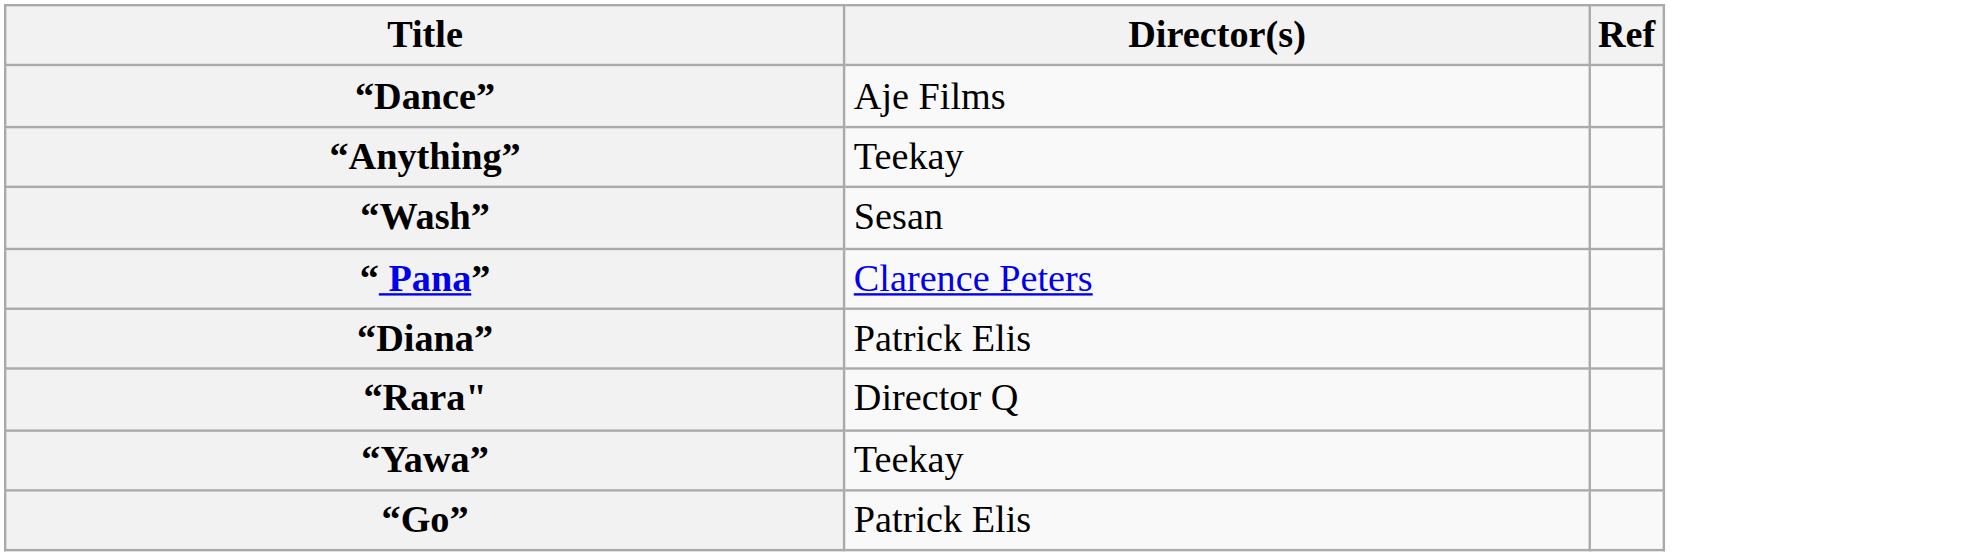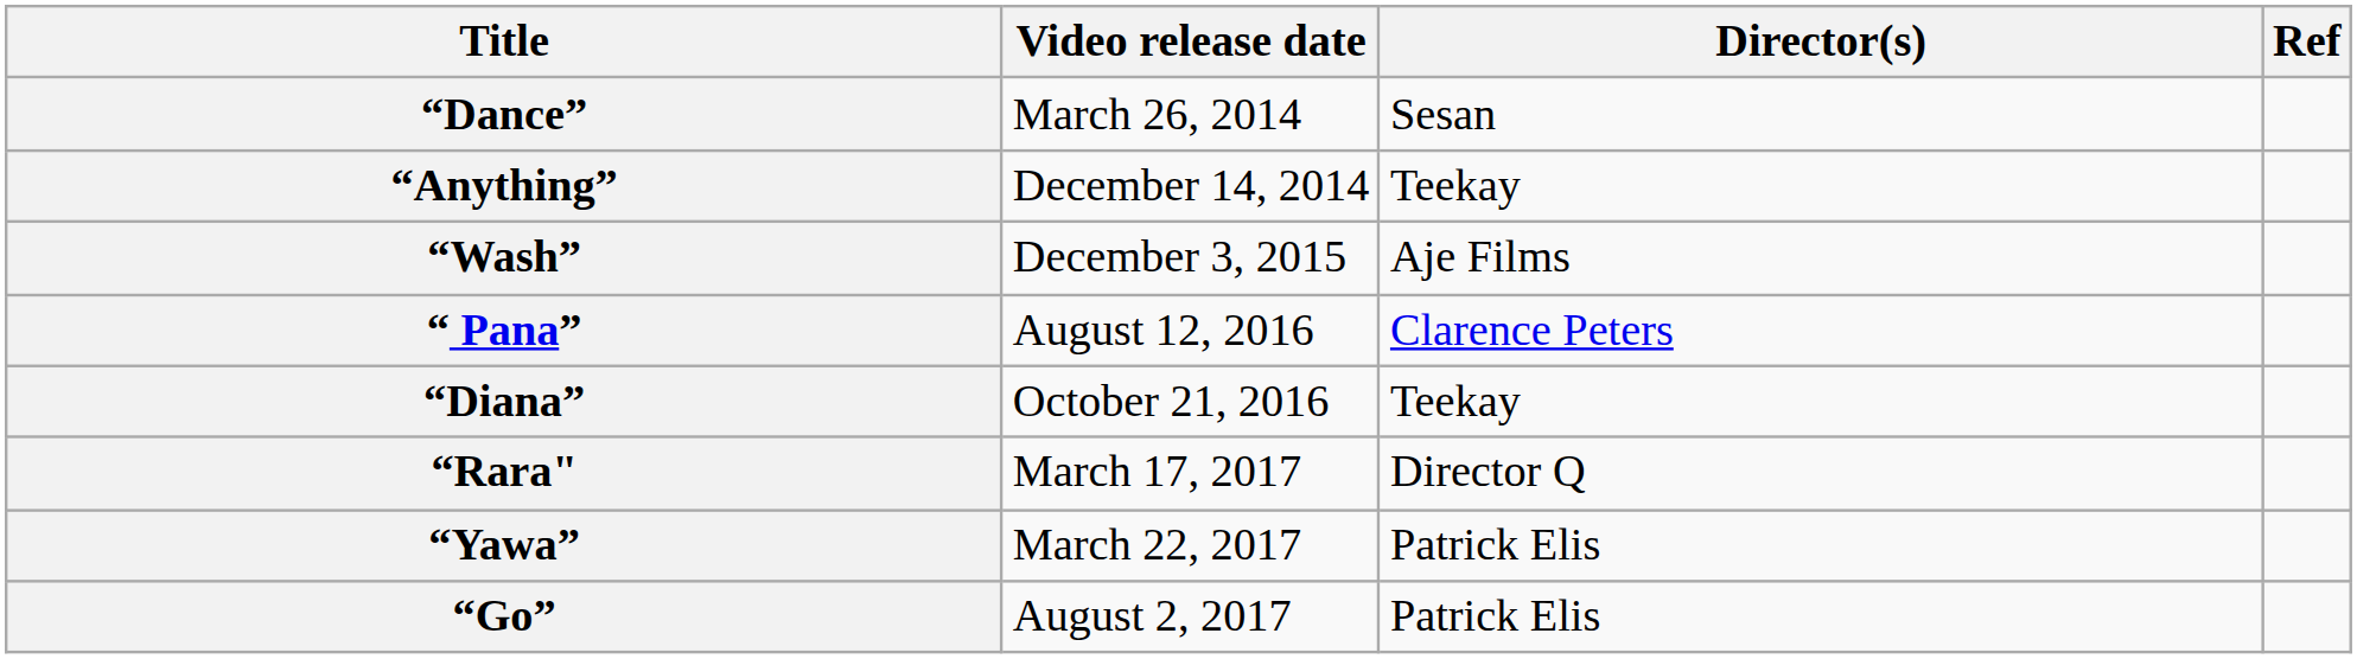 <table class = "wikitable sortable plainrowheaders">
 <tr>
 <th scope="col" style="width:21.5em;">Title</th>
+<th scope="col">Video release date</th>
 <th scope="col" style="width:19em;">Director(s)</th>
 <th scope="col">Ref</th>
 </tr>
 <tr>
 <th scope="row">“Dance”</th>
-<td>Aje Films</td>
+<td>March 26, 2014</td>
+<td>Sesan</td>
 <td></td>
 </tr>
 <tr>
 <th scope="row">“Anything”</th>
+<td>December 14, 2014</td>
 <td>Teekay</td>
 <td></td>
 </tr>
 <tr>
 <th scope="row">“Wash”</th>
-<td>Sesan</td>
+<td>December 3, 2015</td>
+<td>Aje Films</td>
 <td></td>
 </tr>
 <tr>
 <th scope="row">“<a href='#'>  Pana</a>”</th>
+<td>August 12, 2016</td>
 <td><a href='#'>Clarence Peters</a></td>
 <td></td>
 </tr>
 <tr>
 <th scope="row">“Diana”</th>
-<td>Patrick Elis</td>
+<td>October 21, 2016</td>
+<td>Teekay</td>
 <td></td>
 </tr>
 <tr>
 <th scope="row">“Rara"</th>
+<td>March 17, 2017</td>
 <td>Director Q</td>
 <td></td>
 </tr>
 <tr>
 <th scope="row">“Yawa”</th>
-<td>Teekay</td>
+<td>March 22, 2017</td>
+<td>Patrick Elis</td>
 <td></td>
 </tr>
 <tr>
 <th scope="row">“Go”</th>
+<td>August 2, 2017</td>
 <td>Patrick Elis</td>
 <td></td>
 </tr>
 </table>
